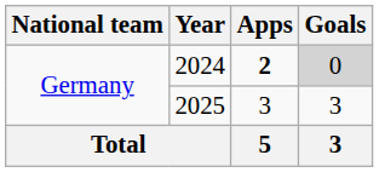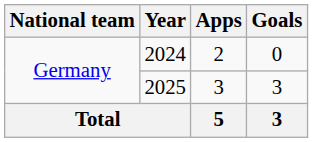 <table class="wikitable" style="text-align:center">
 <tr>
 <th>National team</th>
 <th>Year</th>
 <th>Apps</th>
 <th>Goals</th>
 </tr>
 <tr>
 <td rowspan=2><a href='#'>Germany</a></td>
 <td>2024</td>
-<td><strong>2</strong></td>
-<td style="background: lightgrey;">0</td>
+<td>2</td>
+<td>0</td>
 </tr>
 <tr>
 <td>2025</td>
 <td>3</td>
 <td>3</td>
 </tr>
 <tr>
 <th colspan="2">Total</th>
 <th>5</th>
 <th>3</th>
 </tr>
 </table>
